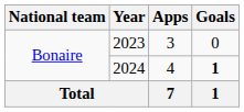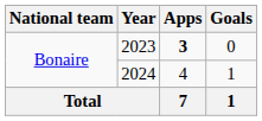 <table class=wikitable style=text-align:center>
 <tr>
 <th>National team</th>
 <th>Year</th>
 <th>Apps</th>
 <th>Goals</th>
 </tr>
 <tr>
 <td rowspan=2><a href='#'>Bonaire</a></td>
 <td>2023</td>
-<td>3</td>
+<td><strong>3</strong></td>
 <td>0</td>
 </tr>
 <tr>
 <td>2024</td>
 <td>4</td>
-<td><strong>1</strong></td>
+<td>1</td>
 </tr>
 <tr>
 <th colspan="2">Total</th>
 <th>7</th>
 <th>1</th>
 </tr>
 </table>
